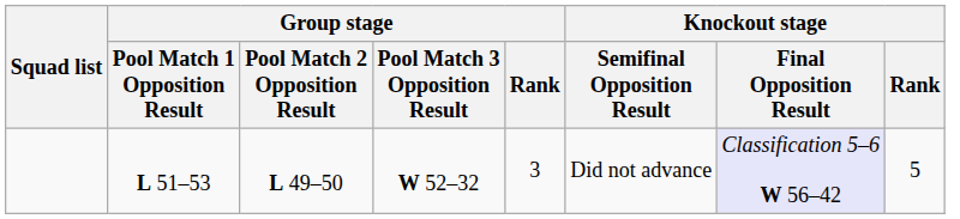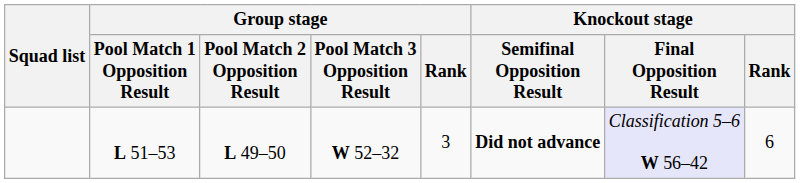 <table class=wikitable style="font-size:90%">
 <tr>
 <th rowspan="2">Squad list</th>
 <th colspan="4">Group stage</th>
 <th colspan="3">Knockout stage</th>
 </tr>
 <tr>
 <th>Pool Match 1<br>Opposition<br>Result</th>
 <th>Pool Match 2<br>Opposition<br>Result</th>
 <th>Pool Match 3<br>Opposition<br>Result</th>
 <th>Rank</th>
 <th>Semifinal<br>Opposition<br>Result</th>
 <th>Final<br>Opposition<br>Result</th>
 <th>Rank</th>
 </tr>
 <tr align=center>
 <td align=left></td>
 <td><br><strong>L</strong> 51–53</td>
 <td><br><strong>L</strong> 49–50</td>
 <td><br><strong>W</strong> 52–32</td>
 <td>3</td>
-<td>Did not advance</td>
+<td><strong>Did not advance</strong></td>
 <td style="background: lavender;"><em>Classification 5–6</em><br><br><strong>W</strong> 56–42</td>
-<td>5</td>
+<td>6</td>
 </tr>
 </table>
